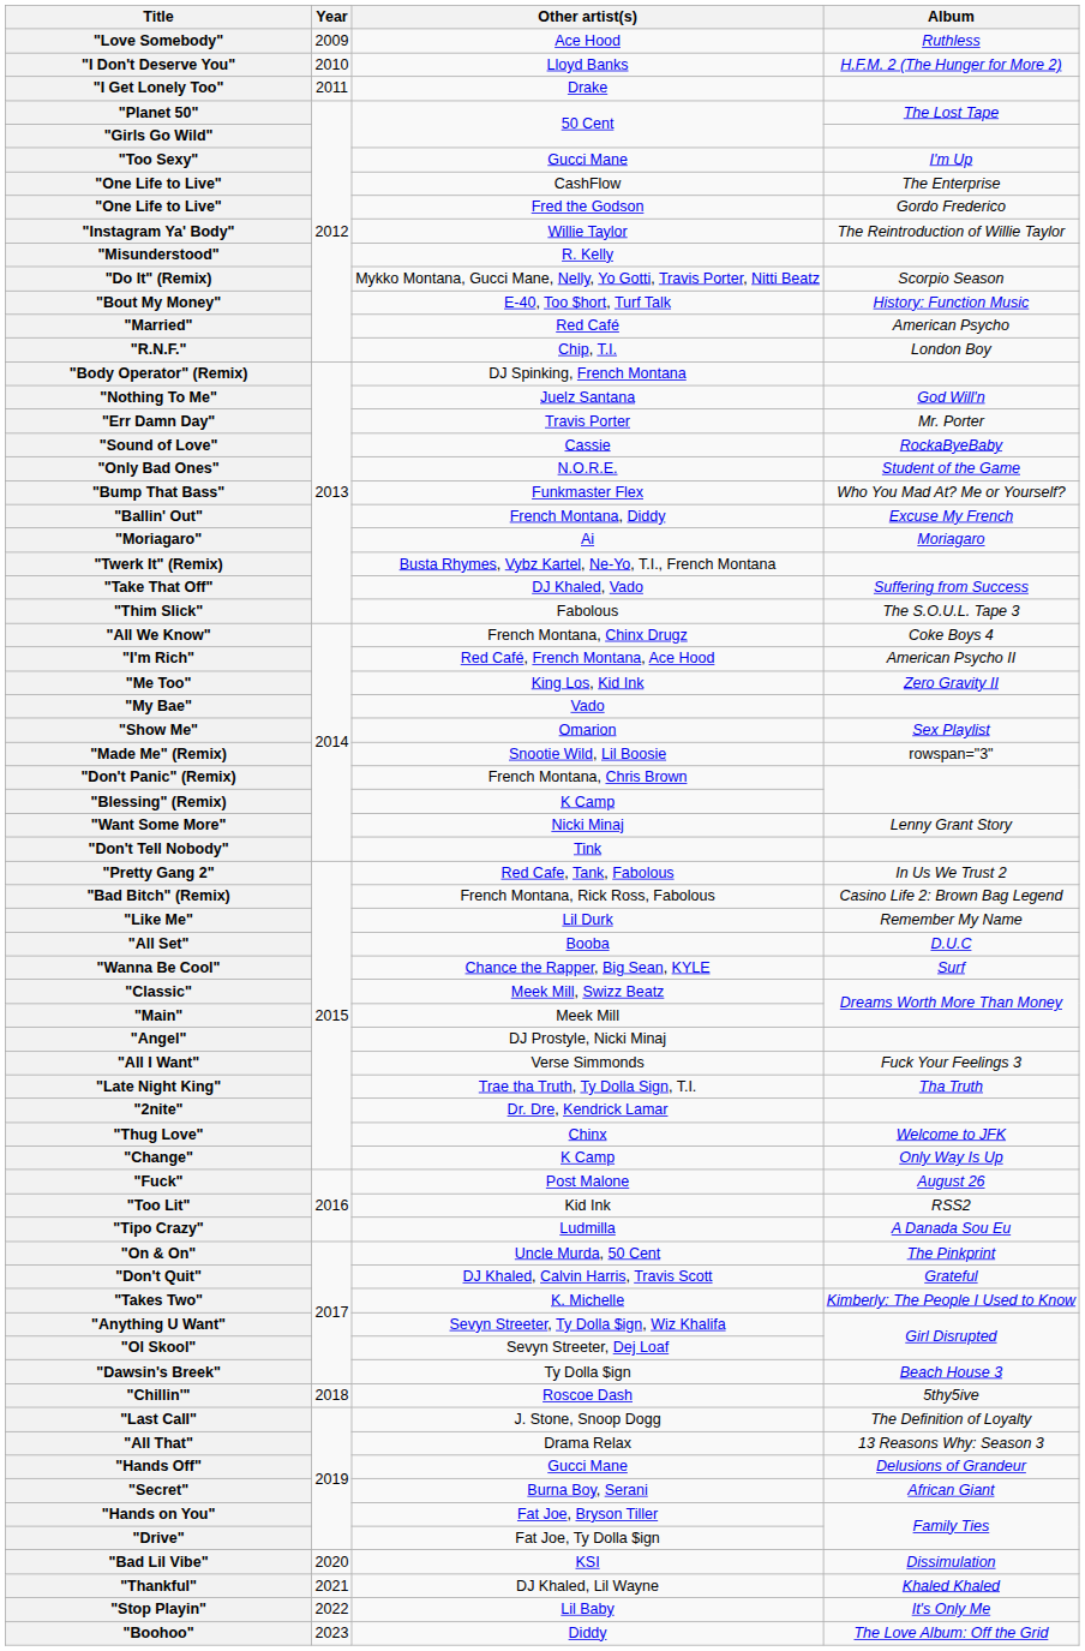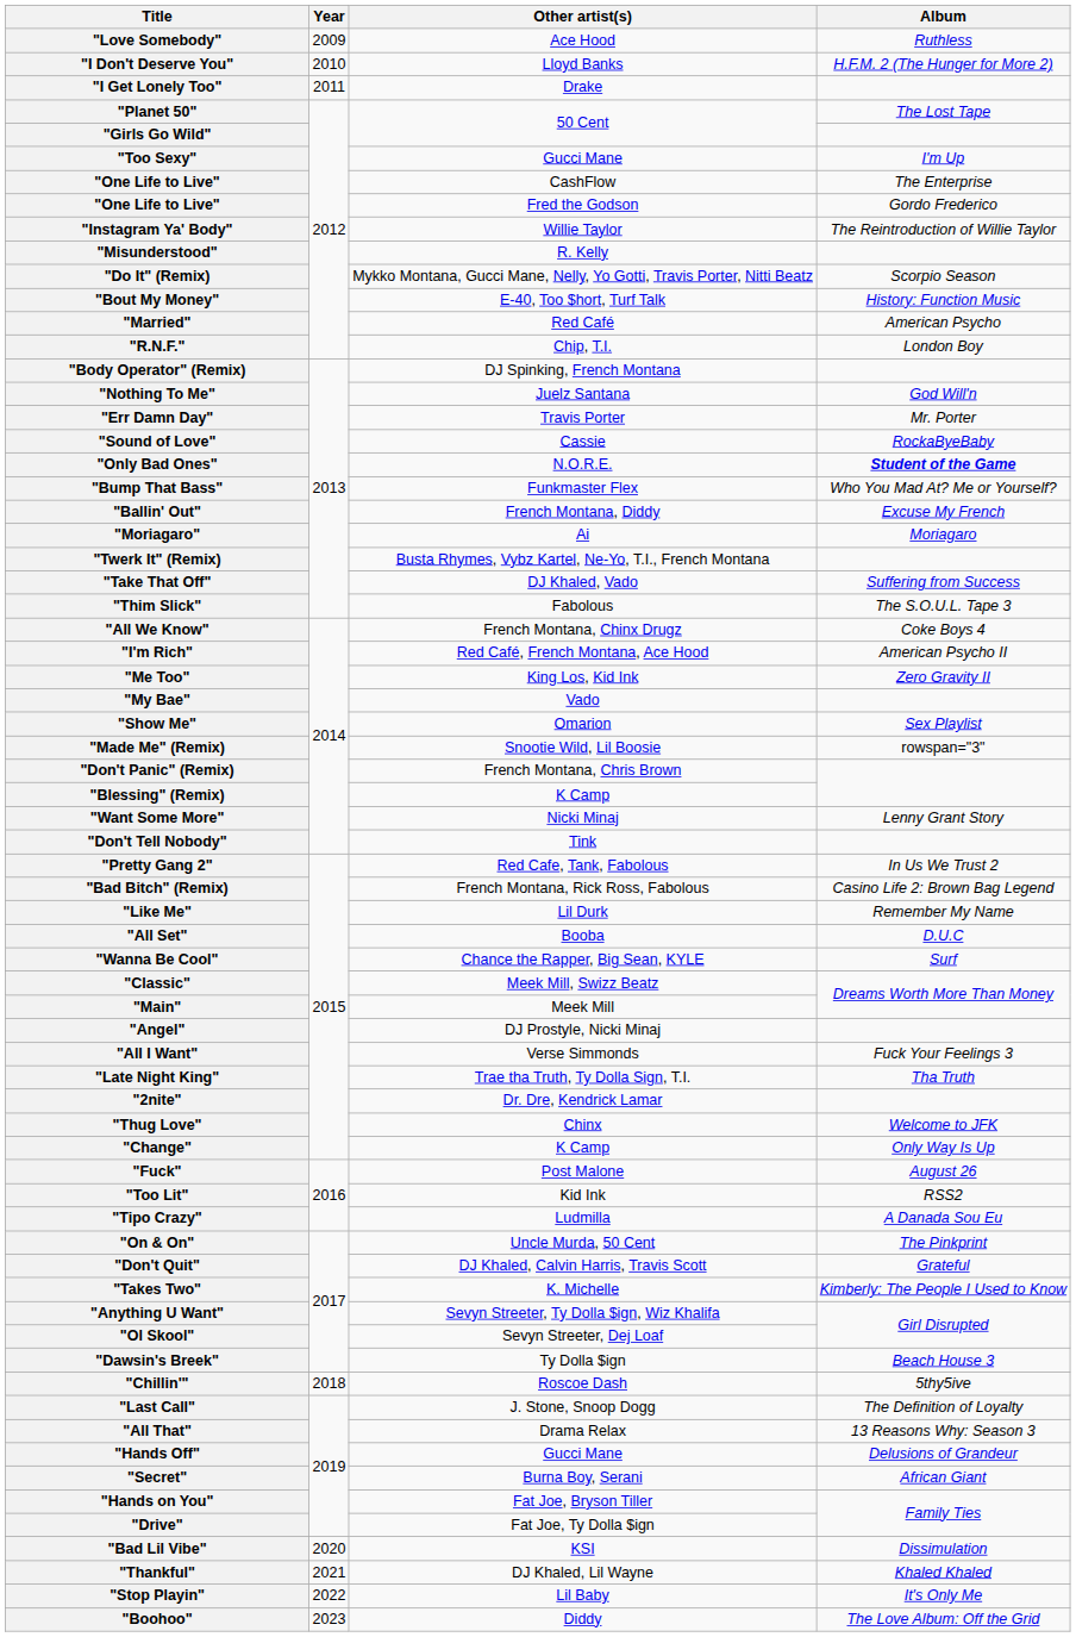 <table class="wikitable plainrowheaders" style="text-align:center;">
 <tr>
 <th style="width:20em;">Title</th>
 <th>Year</th>
 <th>Other artist(s)</th>
 <th>Album</th>
 </tr>
 <tr>
 <th scope="row">"Love Somebody"</th>
 <td>2009</td>
 <td><a href='#'>Ace Hood</a></td>
 <td><em><a href='#'>Ruthless</a></em></td>
 </tr>
 <tr>
 <th scope="row">"I Don't Deserve You"</th>
 <td>2010</td>
 <td><a href='#'>Lloyd Banks</a></td>
 <td><em><a href='#'>H.F.M. 2 (The Hunger for More 2)</a></em></td>
 </tr>
 <tr>
 <th scope="row">"I Get Lonely Too"</th>
 <td>2011</td>
 <td><a href='#'>Drake</a></td>
 <td></td>
 </tr>
 <tr>
 <th scope="row">"Planet 50"</th>
 <td rowspan="11">2012</td>
 <td rowspan="2"><a href='#'>50 Cent</a></td>
 <td><em><a href='#'>The Lost Tape</a></em></td>
 </tr>
 <tr>
 <th scope="row">"Girls Go Wild"</th>
 <td></td>
 </tr>
 <tr>
 <th scope="row">"Too Sexy"</th>
 <td><a href='#'>Gucci Mane</a></td>
 <td><em><a href='#'>I'm Up</a></em></td>
 </tr>
 <tr>
 <th scope="row">"One Life to Live"</th>
 <td>CashFlow</td>
 <td><em>The Enterprise</em></td>
 </tr>
 <tr>
 <th scope="row">"One Life to Live"</th>
 <td><a href='#'>Fred the Godson</a></td>
 <td><em>Gordo Frederico</em></td>
 </tr>
 <tr>
 <th scope="row">"Instagram Ya' Body"</th>
 <td><a href='#'>Willie Taylor</a></td>
 <td><em>The Reintroduction of Willie Taylor</em></td>
 </tr>
 <tr>
 <th scope="row">"Misunderstood"</th>
 <td><a href='#'>R. Kelly</a></td>
 <td></td>
 </tr>
 <tr>
 <th scope="row">"Do It" (Remix)</th>
 <td>Mykko Montana, Gucci Mane, <a href='#'>Nelly</a>, <a href='#'>Yo Gotti</a>, <a href='#'>Travis Porter</a>, <a href='#'>Nitti Beatz</a></td>
 <td><em>Scorpio Season</em></td>
 </tr>
 <tr>
 <th scope="row">"Bout My Money"</th>
 <td><a href='#'>E-40</a>, <a href='#'>Too $hort</a>, <a href='#'>Turf Talk</a></td>
 <td><em><a href='#'>History: Function Music</a></em></td>
 </tr>
 <tr>
 <th scope="row">"Married"</th>
 <td><a href='#'>Red Café</a></td>
 <td><em>American Psycho</em></td>
 </tr>
 <tr>
 <th scope="row">"R.N.F."</th>
 <td><a href='#'>Chip</a>, <a href='#'>T.I.</a></td>
 <td><em>London Boy</em></td>
 </tr>
 <tr>
 <th scope="row">"Body Operator" (Remix)</th>
 <td rowspan="11">2013</td>
 <td>DJ Spinking, <a href='#'>French Montana</a></td>
 <td></td>
 </tr>
 <tr>
 <th scope="row">"Nothing To Me"</th>
 <td><a href='#'>Juelz Santana</a></td>
 <td><em><a href='#'>God Will'n</a></em></td>
 </tr>
 <tr>
 <th scope="row">"Err Damn Day"</th>
 <td><a href='#'>Travis Porter</a></td>
 <td><em>Mr. Porter</em></td>
 </tr>
 <tr>
 <th scope="row">"Sound of Love"</th>
 <td><a href='#'>Cassie</a></td>
 <td><em><a href='#'>RockaByeBaby</a></em></td>
 </tr>
 <tr>
 <th scope="row">"Only Bad Ones"</th>
 <td><a href='#'>N.O.R.E.</a></td>
-<td><em><a href='#'>Student of the Game</a></em></td>
+<td><strong><em><a href='#'>Student of the Game</a></em></strong></td>
 </tr>
 <tr>
 <th scope="row">"Bump That Bass"</th>
 <td><a href='#'>Funkmaster Flex</a></td>
 <td><em>Who You Mad At? Me or Yourself?</em></td>
 </tr>
 <tr>
 <th scope="row">"Ballin' Out"</th>
 <td><a href='#'>French Montana</a>, <a href='#'>Diddy</a></td>
 <td><em><a href='#'>Excuse My French</a></em></td>
 </tr>
 <tr>
 <th scope="row">"Moriagaro"</th>
 <td><a href='#'>Ai</a></td>
 <td><em><a href='#'>Moriagaro</a></em></td>
 </tr>
 <tr>
 <th scope="row">"Twerk It" (Remix)</th>
 <td><a href='#'>Busta Rhymes</a>, <a href='#'>Vybz Kartel</a>, <a href='#'>Ne-Yo</a>, T.I., French Montana</td>
 <td></td>
 </tr>
 <tr>
 <th scope="row">"Take That Off"</th>
 <td><a href='#'>DJ Khaled</a>, <a href='#'>Vado</a></td>
 <td><em><a href='#'>Suffering from Success</a></em></td>
 </tr>
 <tr>
 <th scope="row">"Thim Slick"</th>
 <td>Fabolous</td>
 <td><em>The S.O.U.L. Tape 3</em></td>
 </tr>
 <tr>
 <th scope="row">"All We Know"</th>
 <td rowspan="10">2014</td>
 <td>French Montana, <a href='#'>Chinx Drugz</a></td>
 <td><em>Coke Boys 4</em></td>
 </tr>
 <tr>
 <th scope="row">"I'm Rich"</th>
 <td><a href='#'>Red Café</a>, <a href='#'>French Montana</a>, <a href='#'>Ace Hood</a></td>
 <td><em>American Psycho II</em></td>
 </tr>
 <tr>
 <th scope="row">"Me Too"</th>
 <td><a href='#'>King Los</a>, <a href='#'>Kid Ink</a></td>
 <td><em><a href='#'>Zero Gravity II</a></em></td>
 </tr>
 <tr>
 <th scope="row">"My Bae"</th>
 <td><a href='#'>Vado</a></td>
 <td></td>
 </tr>
 <tr>
 <th scope="row">"Show Me"</th>
 <td><a href='#'>Omarion</a></td>
 <td><em><a href='#'>Sex Playlist</a></em></td>
 </tr>
 <tr>
 <th scope="row">"Made Me" (Remix)</th>
 <td><a href='#'>Snootie Wild</a>, <a href='#'>Lil Boosie</a></td>
 <td>rowspan="3" </td>
 </tr>
 <tr>
 <th scope="row">"Don't Panic" (Remix)</th>
 <td>French Montana, <a href='#'>Chris Brown</a></td>
 </tr>
 <tr>
 <th scope="row">"Blessing" (Remix)</th>
 <td><a href='#'>K Camp</a></td>
 </tr>
 <tr>
 <th scope="row">"Want Some More"</th>
 <td><a href='#'>Nicki Minaj</a></td>
 <td><em>Lenny Grant Story</em></td>
 </tr>
 <tr>
 <th scope="row">"Don't Tell Nobody"</th>
 <td><a href='#'>Tink</a></td>
 <td></td>
 </tr>
 <tr>
 <th scope="row">"Pretty Gang 2"</th>
 <td rowspan="13">2015</td>
 <td><a href='#'>Red Cafe</a>, <a href='#'>Tank</a>, <a href='#'>Fabolous</a></td>
 <td><em>In Us We Trust 2</em></td>
 </tr>
 <tr>
 <th scope="row">"Bad Bitch" (Remix)</th>
 <td>French Montana, Rick Ross, Fabolous</td>
 <td><em>Casino Life 2: Brown Bag Legend</em></td>
 </tr>
 <tr>
 <th scope="row">"Like Me"</th>
 <td><a href='#'>Lil Durk</a></td>
 <td><em>Remember My Name</em></td>
 </tr>
 <tr>
 <th scope="row">"All Set"</th>
 <td><a href='#'>Booba</a></td>
 <td><em><a href='#'>D.U.C</a></em></td>
 </tr>
 <tr>
 <th scope="row">"Wanna Be Cool"</th>
 <td><a href='#'>Chance the Rapper</a>, <a href='#'>Big Sean</a>, <a href='#'>KYLE</a></td>
 <td><em><a href='#'>Surf</a></em></td>
 </tr>
 <tr>
 <th scope="row">"Classic"</th>
 <td><a href='#'>Meek Mill</a>, <a href='#'>Swizz Beatz</a></td>
 <td rowspan="2"><em><a href='#'>Dreams Worth More Than Money</a></em></td>
 </tr>
 <tr>
 <th scope="row">"Main"</th>
 <td>Meek Mill</td>
 </tr>
 <tr>
 <th scope="row">"Angel"</th>
 <td>DJ Prostyle, Nicki Minaj</td>
 <td></td>
 </tr>
 <tr>
 <th scope="row">"All I Want"</th>
 <td>Verse Simmonds</td>
 <td><em>Fuck Your Feelings 3</em></td>
 </tr>
 <tr>
 <th scope="row">"Late Night King"</th>
 <td><a href='#'>Trae tha Truth</a>, <a href='#'>Ty Dolla Sign</a>, T.I.</td>
 <td><em><a href='#'>Tha Truth</a></em></td>
 </tr>
 <tr>
 <th scope="row">"2nite"</th>
 <td><a href='#'>Dr. Dre</a>, <a href='#'>Kendrick Lamar</a></td>
 <td></td>
 </tr>
 <tr>
 <th scope="row">"Thug Love"</th>
 <td><a href='#'>Chinx</a></td>
 <td><em><a href='#'>Welcome to JFK</a></em></td>
 </tr>
 <tr>
 <th scope="row">"Change"</th>
 <td><a href='#'>K Camp</a></td>
 <td><em><a href='#'>Only Way Is Up</a></em></td>
 </tr>
 <tr>
 <th scope="row">"Fuck"</th>
 <td rowspan="3">2016</td>
 <td><a href='#'>Post Malone</a></td>
 <td><em><a href='#'>August 26</a></em></td>
 </tr>
 <tr>
 <th scope="row">"Too Lit"</th>
 <td>Kid Ink</td>
 <td><em>RSS2</em></td>
 </tr>
 <tr>
 <th scope="row">"Tipo Crazy"</th>
 <td><a href='#'>Ludmilla</a></td>
 <td><em><a href='#'>A Danada Sou Eu</a></em></td>
 </tr>
 <tr>
 <th scope="row">"On & On"</th>
 <td rowspan="6">2017</td>
 <td><a href='#'>Uncle Murda</a>, <a href='#'>50 Cent</a></td>
 <td><em><a href='#'>The Pinkprint</a></em></td>
 </tr>
 <tr>
 <th scope="row">"Don't Quit"</th>
 <td><a href='#'>DJ Khaled</a>, <a href='#'>Calvin Harris</a>, <a href='#'>Travis Scott</a></td>
 <td><em><a href='#'>Grateful</a></em></td>
 </tr>
 <tr>
 <th scope="row">"Takes Two"</th>
 <td><a href='#'>K. Michelle</a></td>
 <td><em><a href='#'>Kimberly: The People I Used to Know</a></em></td>
 </tr>
 <tr>
 <th scope="row">"Anything U Want"</th>
 <td><a href='#'>Sevyn Streeter</a>, <a href='#'>Ty Dolla $ign</a>, <a href='#'>Wiz Khalifa</a></td>
 <td rowspan="2"><em><a href='#'>Girl Disrupted</a></em></td>
 </tr>
 <tr>
 <th scope="row">"Ol Skool"</th>
 <td>Sevyn Streeter, <a href='#'>Dej Loaf</a></td>
 </tr>
 <tr>
 <th scope="row">"Dawsin's Breek"</th>
 <td>Ty Dolla $ign</td>
 <td><em><a href='#'>Beach House 3</a></em></td>
 </tr>
 <tr>
 <th scope="row">"Chillin'"</th>
 <td>2018</td>
 <td><a href='#'>Roscoe Dash</a></td>
 <td><em>5thy5ive</em></td>
 </tr>
 <tr>
 <th scope="row">"Last Call"</th>
 <td rowspan="6">2019</td>
 <td>J. Stone, Snoop Dogg</td>
 <td><em>The Definition of Loyalty</em></td>
 </tr>
 <tr>
 <th scope="row">"All That"</th>
 <td>Drama Relax</td>
 <td><em>13 Reasons Why: Season 3</em></td>
 </tr>
 <tr>
 <th scope="row">"Hands Off"</th>
 <td><a href='#'>Gucci Mane</a></td>
 <td><em><a href='#'>Delusions of Grandeur</a></em></td>
 </tr>
 <tr>
 <th scope="row">"Secret"</th>
 <td><a href='#'>Burna Boy</a>, <a href='#'>Serani</a></td>
 <td><em><a href='#'>African Giant</a></em></td>
 </tr>
 <tr>
 <th scope="row">"Hands on You"</th>
 <td><a href='#'>Fat Joe</a>, <a href='#'>Bryson Tiller</a></td>
 <td rowspan="2"><em><a href='#'>Family Ties</a></em></td>
 </tr>
 <tr>
 <th scope="row">"Drive"</th>
 <td>Fat Joe, Ty Dolla $ign</td>
 </tr>
 <tr>
 <th scope="row">"Bad Lil Vibe"</th>
 <td>2020</td>
 <td><a href='#'>KSI</a></td>
 <td><a href='#'><em>Dissimulation</em></a></td>
 </tr>
 <tr>
 <th scope="row">"Thankful"</th>
 <td>2021</td>
 <td>DJ Khaled, Lil Wayne</td>
 <td><em><a href='#'>Khaled Khaled</a></em></td>
 </tr>
 <tr>
 <th scope="row">"Stop Playin"</th>
 <td>2022</td>
 <td><a href='#'>Lil Baby</a></td>
 <td><em><a href='#'>It's Only Me</a></em></td>
 </tr>
 <tr>
 <th scope="row">"Boohoo"</th>
 <td>2023</td>
 <td><a href='#'>Diddy</a></td>
 <td><em><a href='#'>The Love Album: Off the Grid</a></em></td>
 </tr>
 </table>
